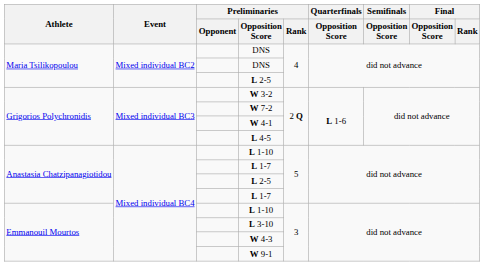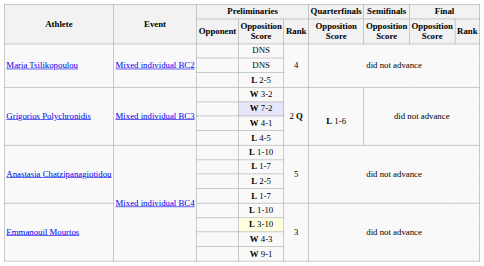 <table class=wikitable style="font-size:90%">
 <tr>
 <th rowspan="2">Athlete</th>
 <th rowspan="2">Event</th>
 <th colspan="3">Preliminaries</th>
 <th>Quarterfinals</th>
 <th>Semifinals</th>
 <th colspan="2">Final</th>
 </tr>
 <tr>
 <th>Opponent</th>
 <th>Opposition<br>Score</th>
 <th>Rank</th>
 <th>Opposition<br>Score</th>
 <th>Opposition<br>Score</th>
 <th>Opposition<br>Score</th>
 <th>Rank</th>
 </tr>
 <tr>
 <td rowspan="3"><a href='#'>Maria Tsilikopoulou</a></td>
 <td rowspan="3"><a href='#'>Mixed individual BC2</a></td>
 <td align="left"></td>
 <td align="center">DNS</td>
 <td align="center" rowspan="3">4</td>
 <td align="center" rowspan="3" colspan="4">did not advance</td>
 </tr>
 <tr>
 <td align="left"></td>
 <td align="center">DNS</td>
 </tr>
 <tr>
 <td align="left"></td>
 <td align="center"><strong>L</strong> 2-5</td>
 </tr>
 <tr>
 <td rowspan="4"><a href='#'>Grigorios Polychronidis</a></td>
 <td rowspan="4"><a href='#'>Mixed individual BC3</a></td>
 <td align="left"></td>
 <td align="center"><strong>W</strong> 3-2</td>
 <td align="center" rowspan="4">2 <strong>Q</strong></td>
 <td align="center" rowspan="4"><br><strong>L</strong> 1-6</td>
 <td align="center" rowspan="4" colspan="3">did not advance</td>
 </tr>
 <tr>
 <td align="left"></td>
-<td align="center"><strong>W</strong> 7-2</td>
+<td align="center" style="background: lavender;"><strong>W</strong> 7-2</td>
 </tr>
 <tr>
 <td align="left"></td>
 <td align="center"><strong>W</strong> 4-1</td>
 </tr>
 <tr>
 <td align="left"></td>
 <td align="center"><strong>L</strong> 4-5</td>
 </tr>
 <tr>
 <td rowspan="4"><a href='#'>Anastasia Chatzipanagiotidou</a></td>
 <td rowspan="8"><a href='#'>Mixed individual BC4</a></td>
 <td align="left"></td>
 <td align="center"><strong>L</strong> 1-10</td>
 <td align="center" rowspan="4">5</td>
 <td align="center" rowspan="4" colspan="4">did not advance</td>
 </tr>
 <tr>
 <td align="left"></td>
 <td align="center"><strong>L</strong> 1-7</td>
 </tr>
 <tr>
 <td align="left"></td>
 <td align="center"><strong>L</strong> 2-5</td>
 </tr>
 <tr>
 <td align="left"></td>
 <td align="center"><strong>L</strong> 1-7</td>
 </tr>
 <tr>
 <td rowspan="4"><a href='#'>Emmanouil Mourtos</a></td>
 <td align="left"></td>
 <td align="center"><strong>L</strong> 1-10</td>
 <td align="center" rowspan="4">3</td>
 <td align="center" rowspan="4" colspan="4">did not advance</td>
 </tr>
 <tr>
 <td align="left"></td>
-<td align="center"><strong>L</strong> 3-10</td>
+<td align="center" style="background: lightyellow;"><strong>L</strong> 3-10</td>
 </tr>
 <tr>
 <td align="left"></td>
 <td align="center"><strong>W</strong> 4-3</td>
 </tr>
 <tr>
 <td align="left"></td>
 <td align="center"><strong>W</strong> 9-1</td>
 </tr>
 </table>
